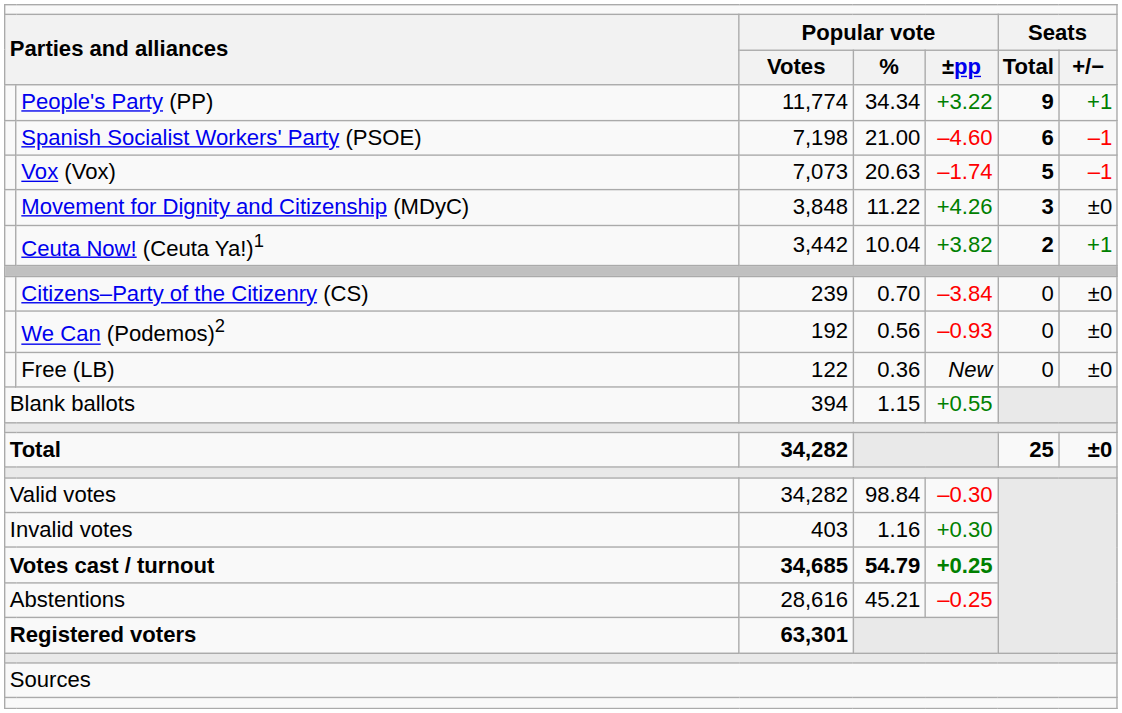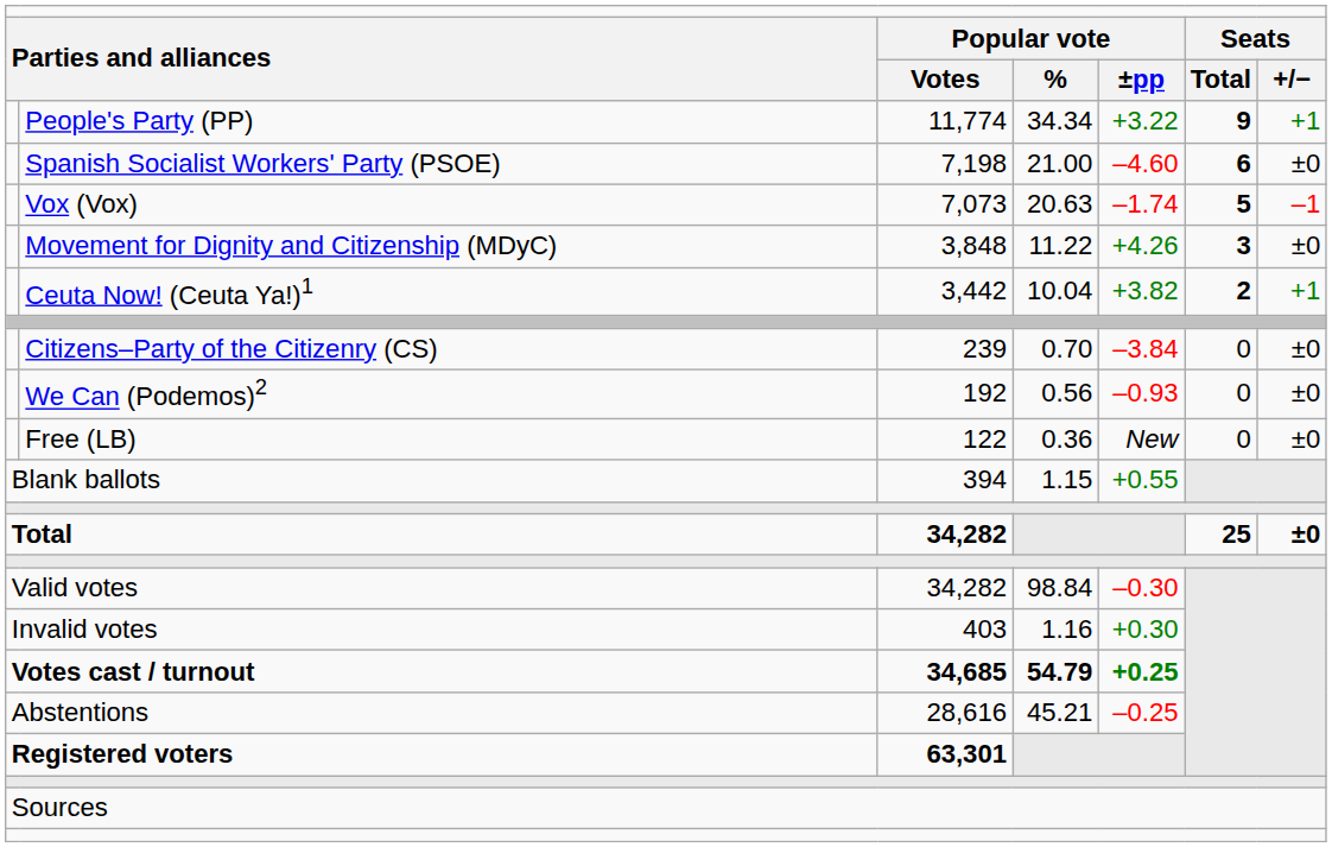 <table class="wikitable" style="text-align:right;">
 <tr>
 <td colspan="7"></td>
 </tr>
 <tr>
 <th style="text-align:left;" rowspan="2" colspan="2" width="525">Parties and alliances</th>
 <th colspan="3">Popular vote</th>
 <th colspan="2">Seats</th>
 </tr>
 <tr>
 <th width="75">Votes</th>
 <th width="45">%</th>
 <th width="45">±<a href='#'>pp</a></th>
 <th width="35">Total</th>
 <th width="35">+/−</th>
 </tr>
 <tr>
 <td width="1" style="color:inherit;background:"></td>
 <td align="left"><a href='#'>People's Party</a> (PP)</td>
 <td>11,774</td>
 <td>34.34</td>
 <td style="color:green;">+3.22</td>
 <td><strong>9</strong></td>
 <td style="color:green;">+1</td>
 </tr>
 <tr>
 <td style="color:inherit;background:"></td>
 <td align="left"><a href='#'>Spanish Socialist Workers' Party</a> (PSOE)</td>
 <td>7,198</td>
 <td>21.00</td>
 <td style="color:red;">–4.60</td>
 <td><strong>6</strong></td>
-<td style="color:red;">–1</td>
+<td>±0</td>
 </tr>
 <tr>
 <td style="color:inherit;background:"></td>
 <td align="left"><a href='#'>Vox</a> (Vox)</td>
 <td>7,073</td>
 <td>20.63</td>
 <td style="color:red;">–1.74</td>
 <td><strong>5</strong></td>
 <td style="color:red;">–1</td>
 </tr>
 <tr>
 <td style="color:inherit;background:"></td>
 <td align="left"><a href='#'>Movement for Dignity and Citizenship</a> (MDyC)</td>
 <td>3,848</td>
 <td>11.22</td>
 <td style="color:green;">+4.26</td>
 <td><strong>3</strong></td>
 <td>±0</td>
 </tr>
 <tr>
 <td style="color:inherit;background:"></td>
 <td align="left"><a href='#'>Ceuta Now!</a> (Ceuta Ya!)<sup>1</sup></td>
 <td>3,442</td>
 <td>10.04</td>
 <td style="color:green;">+3.82</td>
 <td><strong>2</strong></td>
 <td style="color:green;">+1</td>
 </tr>
 <tr>
 <td colspan="7" bgcolor="#C0C0C0"></td>
 </tr>
 <tr>
 <td style="color:inherit;background:"></td>
 <td align="left"><a href='#'>Citizens–Party of the Citizenry</a> (CS)</td>
 <td>239</td>
 <td>0.70</td>
 <td style="color:red;">–3.84</td>
 <td>0</td>
 <td>±0</td>
 </tr>
 <tr>
 <td style="color:inherit;background:"></td>
 <td align="left"><a href='#'>We Can</a> (Podemos)<sup>2</sup></td>
 <td>192</td>
 <td>0.56</td>
 <td style="color:red;">–0.93</td>
 <td>0</td>
 <td>±0</td>
 </tr>
 <tr>
 <td style="color:inherit;background:"></td>
 <td align="left">Free (LB)</td>
 <td>122</td>
 <td>0.36</td>
 <td><em>New</em></td>
 <td>0</td>
 <td>±0</td>
 </tr>
 <tr>
 <td align="left" colspan="2">Blank ballots</td>
 <td>394</td>
 <td>1.15</td>
 <td style="color:green;">+0.55</td>
 <td bgcolor="#E9E9E9" colspan="2"></td>
 </tr>
 <tr>
 <td colspan="7" bgcolor="#E9E9E9"></td>
 </tr>
 <tr style="font-weight:bold;">
 <td align="left" colspan="2">Total</td>
 <td>34,282</td>
 <td bgcolor="#E9E9E9" colspan="2"></td>
 <td>25</td>
 <td>±0</td>
 </tr>
 <tr>
 <td colspan="7" bgcolor="#E9E9E9"></td>
 </tr>
 <tr>
 <td align="left" colspan="2">Valid votes</td>
 <td>34,282</td>
 <td>98.84</td>
 <td style="color:red;">–0.30</td>
 <td bgcolor="#E9E9E9" colspan="2" rowspan="5"></td>
 </tr>
 <tr>
 <td align="left" colspan="2">Invalid votes</td>
 <td>403</td>
 <td>1.16</td>
 <td style="color:green;">+0.30</td>
 </tr>
 <tr style="font-weight:bold;">
 <td align="left" colspan="2">Votes cast / turnout</td>
 <td>34,685</td>
 <td>54.79</td>
 <td style="color:green;">+0.25</td>
 </tr>
 <tr>
 <td align="left" colspan="2">Abstentions</td>
 <td>28,616</td>
 <td>45.21</td>
 <td style="color:red;">–0.25</td>
 </tr>
 <tr style="font-weight:bold;">
 <td align="left" colspan="2">Registered voters</td>
 <td>63,301</td>
 <td bgcolor="#E9E9E9" colspan="2"></td>
 </tr>
 <tr>
 <td colspan="7" bgcolor="#E9E9E9"></td>
 </tr>
 <tr>
 <td align="left" colspan="7">Sources</td>
 </tr>
 <tr>
 <td colspan="7" style="text-align:left; max-width:790px;"></td>
 </tr>
 </table>
